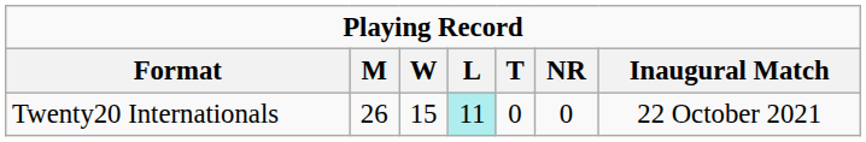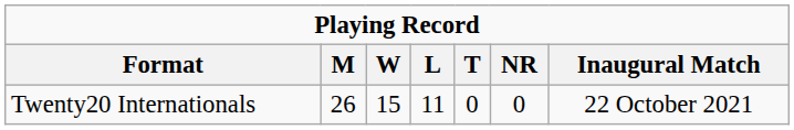 <table class="wikitable" style="text-align: center; width: 500px;">
 <tr>
 <td colspan=7 align="center"><strong>Playing Record</strong></td>
 </tr>
 <tr>
 <th>Format</th>
 <th>M</th>
 <th>W</th>
 <th>L</th>
 <th>T</th>
 <th>NR</th>
 <th>Inaugural Match</th>
 </tr>
 <tr>
 <td align="left">Twenty20 Internationals</td>
 <td>26</td>
 <td>15</td>
-<td style="background: paleturquoise;">11</td>
+<td>11</td>
 <td>0</td>
 <td>0</td>
 <td>22 October 2021</td>
 </tr>
 </table>
